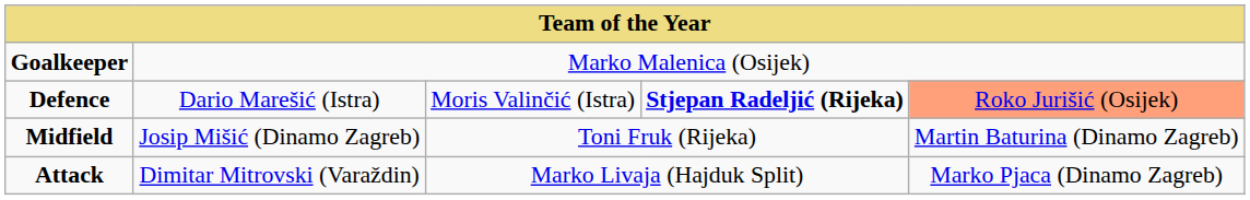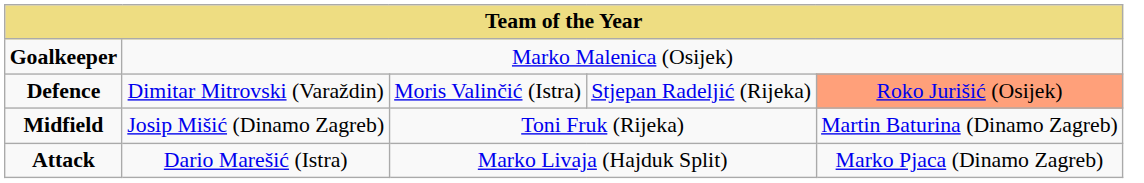 <table class="wikitable" style="text-align:center">
 <tr>
 <th style="background-color: #eedd82"     colspan="5">Team of the Year</th>
 </tr>
 <tr>
 <td><strong>Goalkeeper</strong></td>
 <td colspan="4"> <a href='#'>Marko Malenica</a> (Osijek)</td>
 </tr>
 <tr>
 <td><strong>Defence</strong></td>
-<td> <a href='#'>Dario Marešić</a> (Istra)</td>
+<td colspan="1"> <a href='#'>Dimitar Mitrovski</a> (Varaždin)</td>
 <td> <a href='#'>Moris Valinčić</a> (Istra)</td>
-<td><strong> <a href='#'>Stjepan Radeljić</a> (Rijeka)</strong></td>
+<td> <a href='#'>Stjepan Radeljić</a> (Rijeka)</td>
 <td style="background: lightsalmon;"> <a href='#'>Roko Jurišić</a> (Osijek)</td>
 </tr>
 <tr>
 <td><strong>Midfield</strong></td>
 <td colspan="1"> <a href='#'>Josip Mišić</a> (Dinamo Zagreb)</td>
 <td colspan="2"> <a href='#'>Toni Fruk</a> (Rijeka)</td>
 <td colspan="1"> <a href='#'>Martin Baturina</a> (Dinamo Zagreb)</td>
 </tr>
 <tr>
 <td><strong>Attack</strong></td>
-<td colspan="1"> <a href='#'>Dimitar Mitrovski</a> (Varaždin)</td>
+<td> <a href='#'>Dario Marešić</a> (Istra)</td>
 <td colspan="2"> <a href='#'>Marko Livaja</a> (Hajduk Split)</td>
 <td colspan="1"> <a href='#'>Marko Pjaca</a> (Dinamo Zagreb)</td>
 </tr>
 </table>
